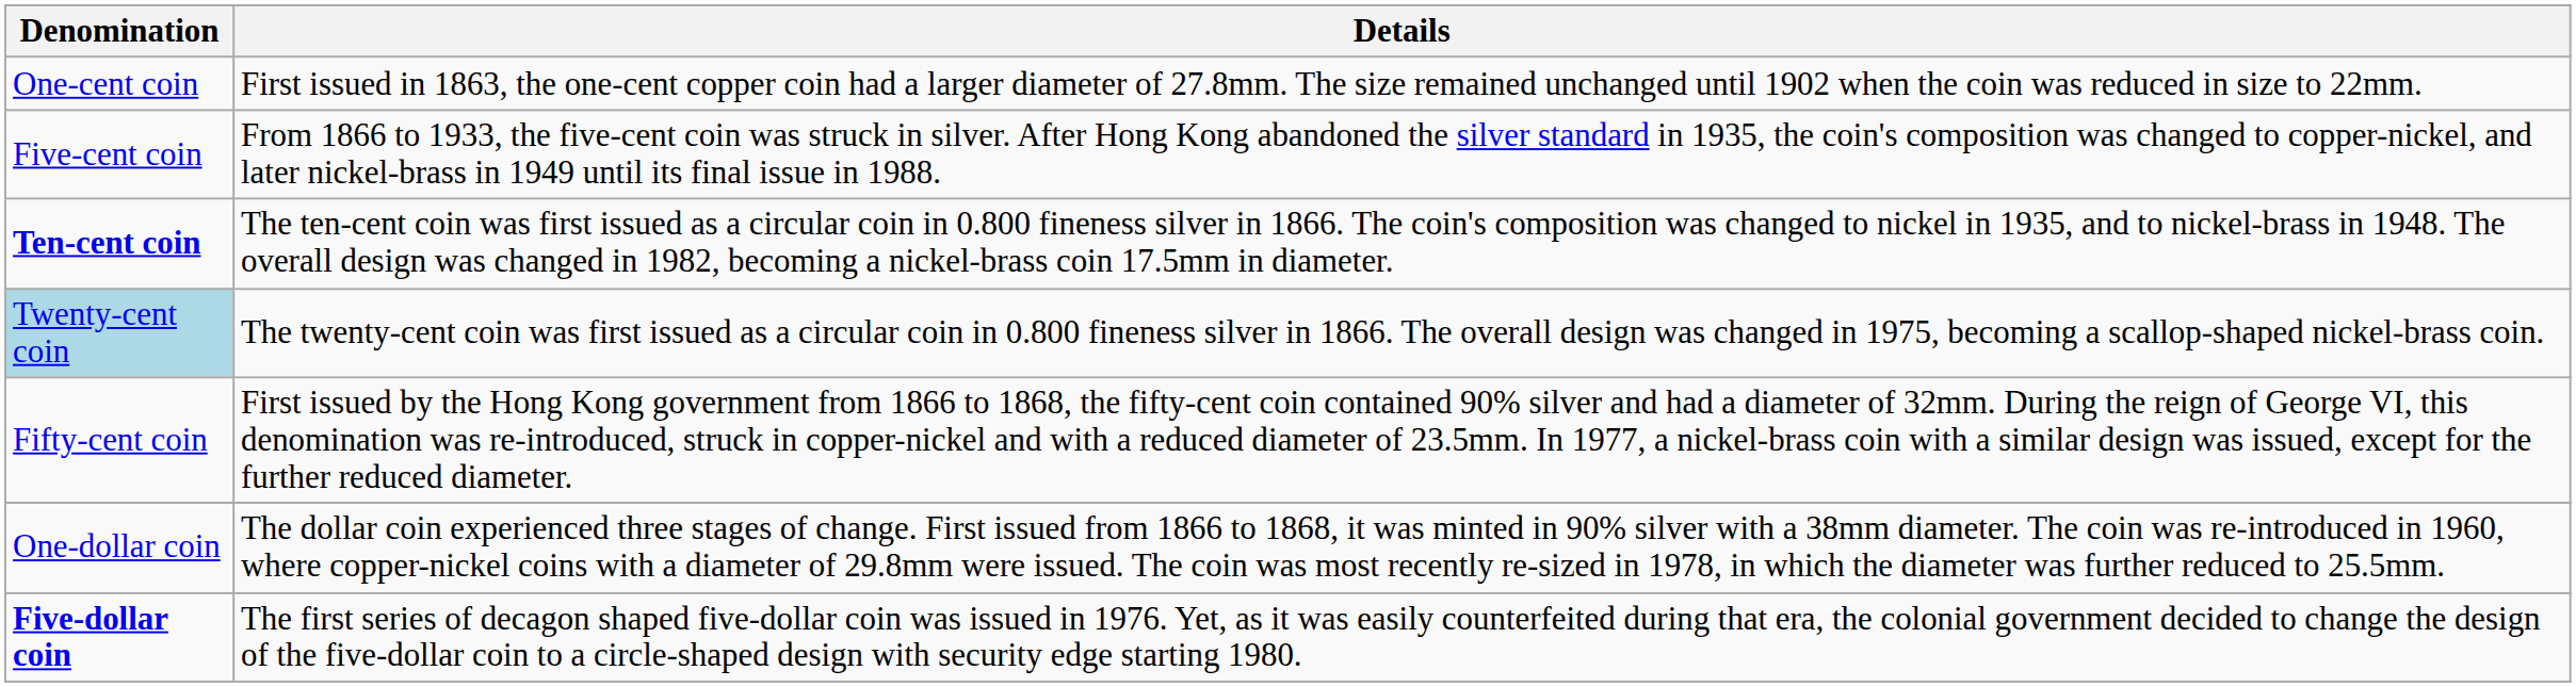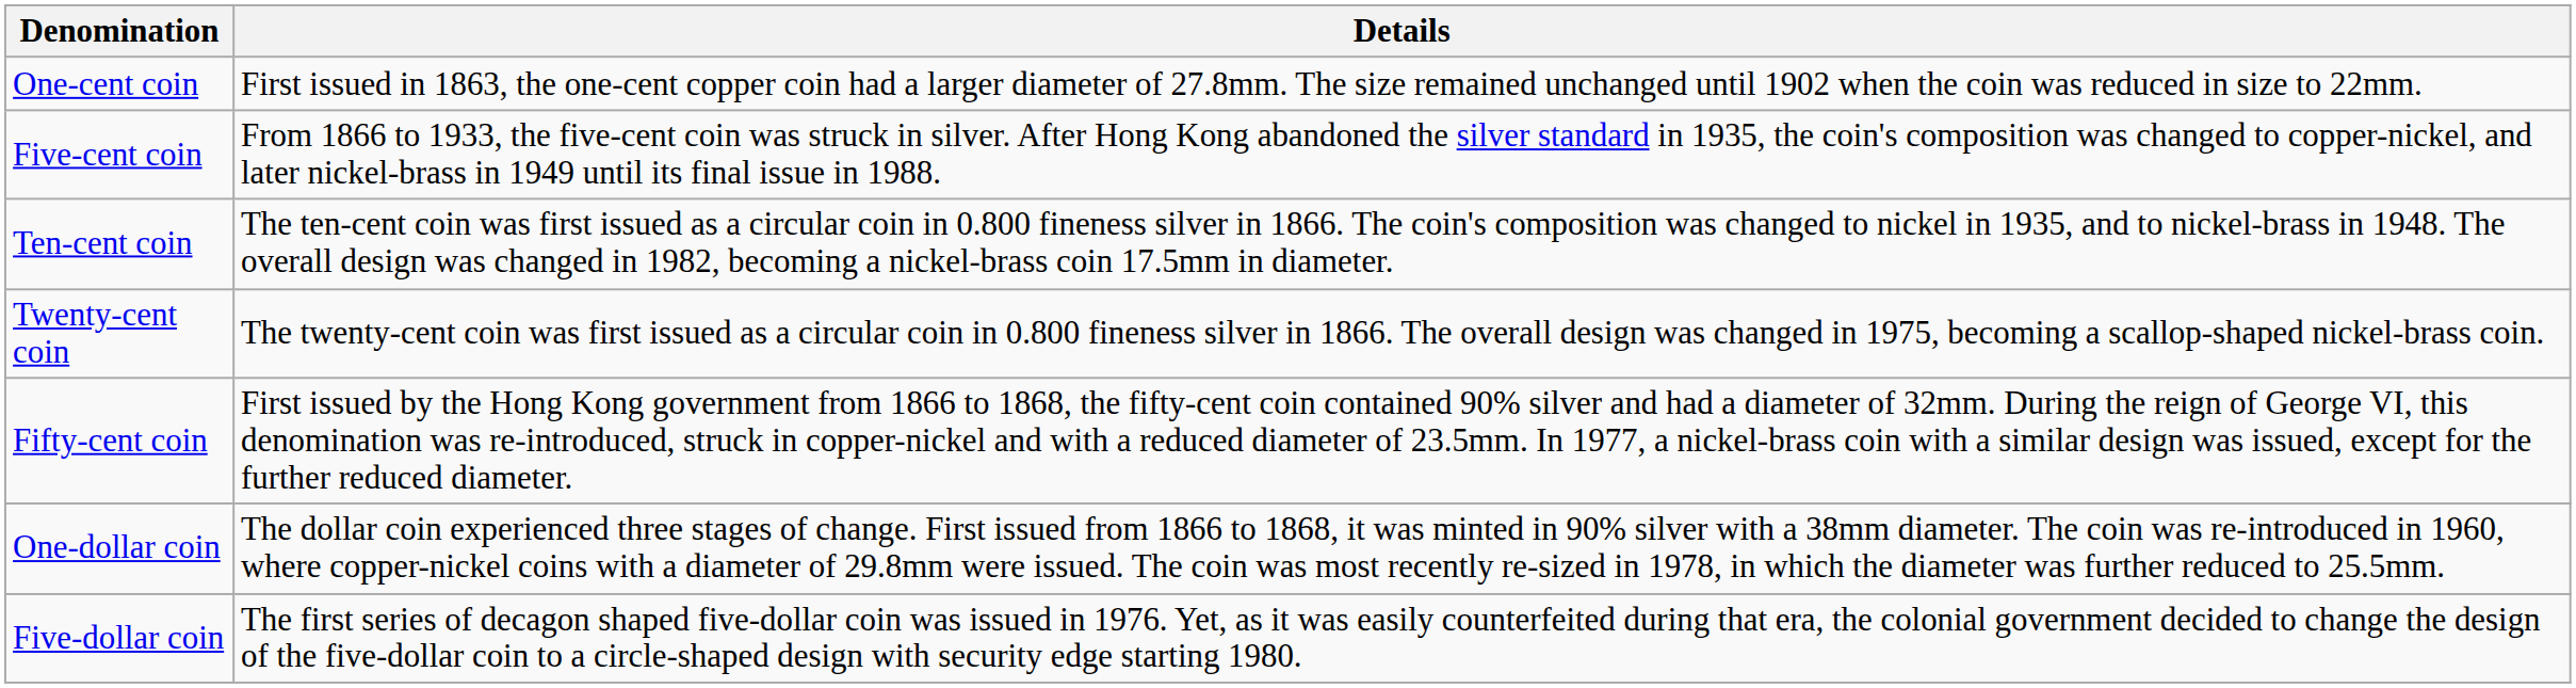 <table class="wikitable">
 <tr>
 <th>Denomination</th>
 <th>Details</th>
 </tr>
 <tr>
 <td><a href='#'>One-cent coin</a></td>
 <td>First issued in 1863, the one-cent copper coin had a larger diameter of 27.8mm. The size remained unchanged until 1902 when the coin was reduced in size to 22mm.</td>
 </tr>
 <tr>
 <td><a href='#'>Five-cent coin</a></td>
 <td>From 1866 to 1933, the five-cent coin was struck in silver. After Hong Kong abandoned the <a href='#'>silver standard</a> in 1935, the coin's composition was changed to copper-nickel, and later nickel-brass in 1949 until its final issue in 1988.</td>
 </tr>
 <tr>
-<td><strong><a href='#'>Ten-cent coin</a></strong></td>
+<td><a href='#'>Ten-cent coin</a></td>
 <td>The ten-cent coin was first issued as a circular coin in 0.800 fineness silver in 1866. The coin's composition was changed to nickel in 1935, and to nickel-brass in 1948. The overall design was changed in 1982, becoming a nickel-brass coin 17.5mm in diameter.</td>
 </tr>
 <tr>
-<td style="background: lightblue;"><a href='#'>Twenty-cent coin</a></td>
+<td><a href='#'>Twenty-cent coin</a></td>
 <td>The twenty-cent coin was first issued as a circular coin in 0.800 fineness silver in 1866. The overall design was changed in 1975, becoming a scallop-shaped nickel-brass coin.</td>
 </tr>
 <tr>
 <td><a href='#'>Fifty-cent coin</a></td>
 <td>First issued by the Hong Kong government from 1866 to 1868, the fifty-cent coin contained 90% silver and had a diameter of 32mm. During the reign of George VI, this denomination was re-introduced, struck in copper-nickel and with a reduced diameter of 23.5mm. In 1977, a nickel-brass coin with a similar design was issued, except for the further reduced diameter.</td>
 </tr>
 <tr>
 <td><a href='#'>One-dollar coin</a></td>
 <td>The dollar coin experienced three stages of change. First issued from 1866 to 1868, it was minted in 90% silver with a 38mm diameter. The coin was re-introduced in 1960, where copper-nickel coins with a diameter of 29.8mm were issued. The coin was most recently re-sized in 1978, in which the diameter was further reduced to 25.5mm.</td>
 </tr>
 <tr>
-<td><strong><a href='#'>Five-dollar coin</a></strong></td>
+<td><a href='#'>Five-dollar coin</a></td>
 <td>The first series of decagon shaped five-dollar coin was issued in 1976. Yet, as it was easily counterfeited during that era, the colonial government decided to change the design of the five-dollar coin to a circle-shaped design with security edge starting 1980.</td>
 </tr>
 </table>
